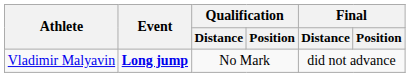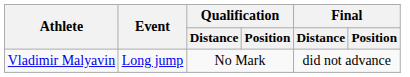 <table class=wikitable style="font-size:90%">
 <tr>
 <th rowspan="2">Athlete</th>
 <th rowspan="2">Event</th>
 <th colspan="2">Qualification</th>
 <th colspan="2">Final</th>
 </tr>
 <tr style="font-size:95%">
 <th>Distance</th>
 <th>Position</th>
 <th>Distance</th>
 <th>Position</th>
 </tr>
 <tr align=center>
 <td align=left><a href='#'>Vladimir Malyavin</a></td>
-<td align=left><strong><a href='#'>Long jump</a></strong></td>
+<td align=left><a href='#'>Long jump</a></td>
 <td colspan=2>No Mark</td>
 <td colspan=2>did not advance</td>
 </tr>
 </table>
